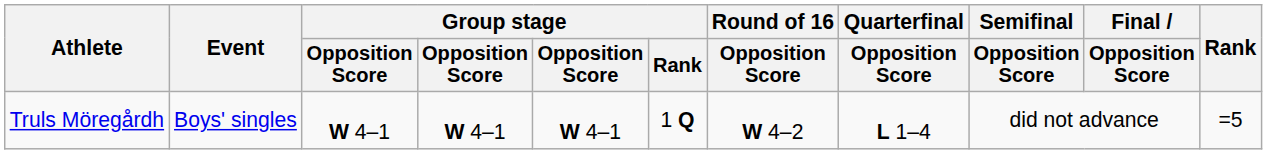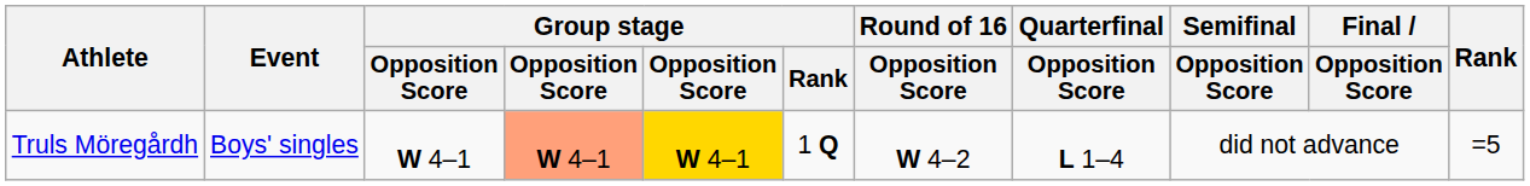 <table class="wikitable" style="font-size:90%">
 <tr>
 <th rowspan=2>Athlete</th>
 <th rowspan=2>Event</th>
 <th colspan=4>Group stage</th>
 <th>Round of 16</th>
 <th>Quarterfinal</th>
 <th>Semifinal</th>
 <th>Final / </th>
 <th rowspan=2>Rank</th>
 </tr>
 <tr style="font-size:95%">
 <th>Opposition<br>Score</th>
 <th>Opposition<br>Score</th>
 <th>Opposition<br>Score</th>
 <th>Rank</th>
 <th>Opposition<br>Score</th>
 <th>Opposition<br>Score</th>
 <th>Opposition<br>Score</th>
 <th>Opposition<br>Score</th>
 </tr>
 <tr align=center>
 <td align=left><a href='#'>Truls Möregårdh</a></td>
 <td align=left><a href='#'>Boys' singles</a></td>
 <td><br><strong>W</strong> 4–1</td>
-<td><br><strong>W</strong> 4–1</td>
-<td><br><strong>W</strong> 4–1</td>
+<td style="background: lightsalmon;"><br><strong>W</strong> 4–1</td>
+<td style="background: gold;"><br><strong>W</strong> 4–1</td>
 <td>1 <strong>Q</strong></td>
 <td><br><strong>W</strong> 4–2</td>
 <td><br><strong>L</strong> 1–4</td>
 <td colspan=2>did not advance</td>
 <td>=5</td>
 </tr>
 </table>
